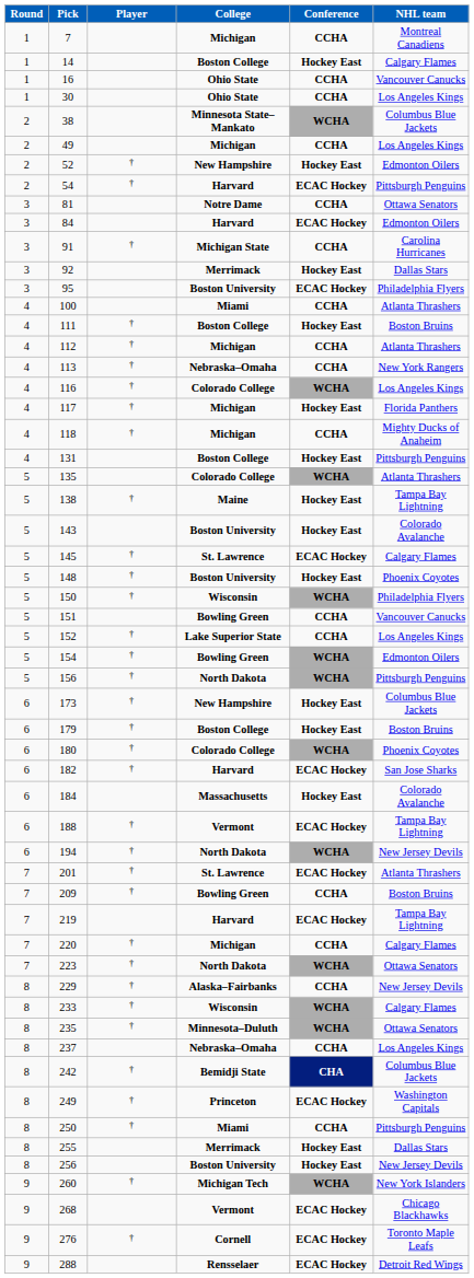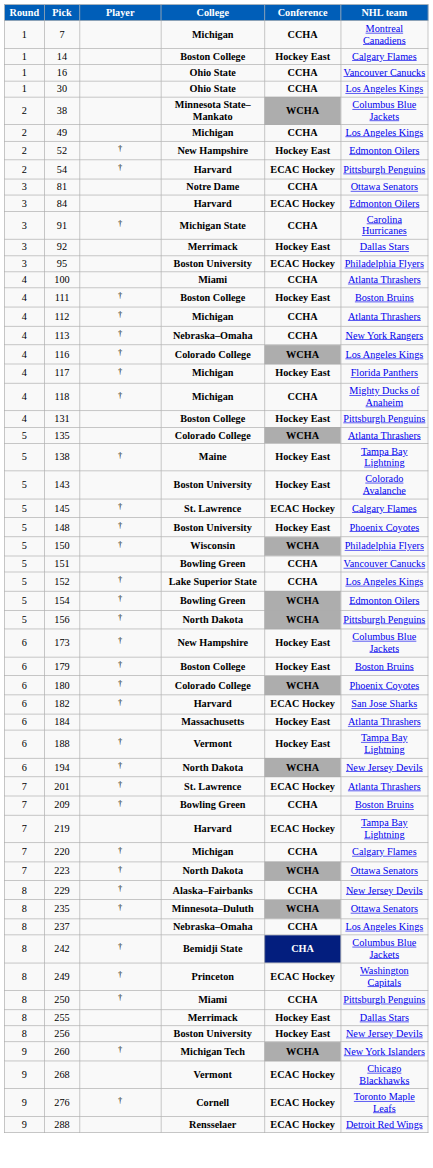 <table class="wikitable sortable" width="75%">
 <tr>
 <th style="color:white; background-color:#005EB8; width: 4em;">Round</th>
 <th style="color:white; background-color:#005EB8; width: 4em;">Pick</th>
 <th style="color:white; background-color:#005EB8; width: 12em;">Player</th>
 <th style="color:white; background-color:#005EB8; width: 13em;">College</th>
 <th style="color:white; background-color:#005EB8; width: 9em;">Conference</th>
 <th style="color:white; background-color:#005EB8; width: 11em;">NHL team</th>
 </tr>
 <tr align="center" bgcolor="">
 <td>1</td>
 <td>7</td>
 <td></td>
 <td><strong>Michigan</strong></td>
 <td><strong>CCHA</strong></td>
 <td><a href='#'>Montreal Canadiens</a></td>
 </tr>
 <tr align="center" bgcolor="">
 <td>1</td>
 <td>14</td>
 <td></td>
 <td><strong>Boston College</strong></td>
 <td><strong>Hockey East</strong></td>
 <td><a href='#'>Calgary Flames</a></td>
 </tr>
 <tr align="center" bgcolor="">
 <td>1</td>
 <td>16</td>
 <td></td>
 <td><strong>Ohio State</strong></td>
 <td><strong>CCHA</strong></td>
 <td><a href='#'>Vancouver Canucks</a></td>
 </tr>
 <tr align="center" bgcolor="">
 <td>1</td>
 <td>30</td>
 <td></td>
 <td><strong>Ohio State</strong></td>
 <td><strong>CCHA</strong></td>
 <td><a href='#'>Los Angeles Kings</a></td>
 </tr>
 <tr align="center" bgcolor="">
 <td>2</td>
 <td>38</td>
 <td></td>
 <td><strong>Minnesota State–Mankato</strong></td>
 <td style="color:black; background:#ADADAD; "><strong>WCHA</strong></td>
 <td><a href='#'>Columbus Blue Jackets</a></td>
 </tr>
 <tr align="center" bgcolor="">
 <td>2</td>
 <td>49</td>
 <td></td>
 <td><strong>Michigan</strong></td>
 <td><strong>CCHA</strong></td>
 <td><a href='#'>Los Angeles Kings</a></td>
 </tr>
 <tr align="center" bgcolor="">
 <td>2</td>
 <td>52</td>
 <td> <sup>†</sup></td>
 <td><strong>New Hampshire</strong></td>
 <td><strong>Hockey East</strong></td>
 <td><a href='#'>Edmonton Oilers</a></td>
 </tr>
 <tr align="center" bgcolor="">
 <td>2</td>
 <td>54</td>
 <td> <sup>†</sup></td>
 <td><strong>Harvard</strong></td>
 <td><strong>ECAC Hockey</strong></td>
 <td><a href='#'>Pittsburgh Penguins</a></td>
 </tr>
 <tr align="center" bgcolor="">
 <td>3</td>
 <td>81</td>
 <td></td>
 <td><strong>Notre Dame</strong></td>
 <td><strong>CCHA</strong></td>
 <td><a href='#'>Ottawa Senators</a></td>
 </tr>
 <tr align="center" bgcolor="">
 <td>3</td>
 <td>84</td>
 <td></td>
 <td><strong>Harvard</strong></td>
 <td><strong>ECAC Hockey</strong></td>
 <td><a href='#'>Edmonton Oilers</a></td>
 </tr>
 <tr align="center" bgcolor="">
 <td>3</td>
 <td>91</td>
 <td> <sup>†</sup></td>
 <td><strong>Michigan State</strong></td>
 <td><strong>CCHA</strong></td>
 <td><a href='#'>Carolina Hurricanes</a></td>
 </tr>
 <tr align="center" bgcolor="">
 <td>3</td>
 <td>92</td>
 <td></td>
 <td><strong>Merrimack</strong></td>
 <td><strong>Hockey East</strong></td>
 <td><a href='#'>Dallas Stars</a></td>
 </tr>
 <tr align="center" bgcolor="">
 <td>3</td>
 <td>95</td>
 <td></td>
 <td><strong>Boston University</strong></td>
 <td><strong>ECAC Hockey</strong></td>
 <td><a href='#'>Philadelphia Flyers</a></td>
 </tr>
 <tr align="center" bgcolor="">
 <td>4</td>
 <td>100</td>
 <td></td>
 <td><strong>Miami</strong></td>
 <td><strong>CCHA</strong></td>
 <td><a href='#'>Atlanta Thrashers</a></td>
 </tr>
 <tr align="center" bgcolor="">
 <td>4</td>
 <td>111</td>
 <td> <sup>†</sup></td>
 <td><strong>Boston College</strong></td>
 <td><strong>Hockey East</strong></td>
 <td><a href='#'>Boston Bruins</a></td>
 </tr>
 <tr align="center" bgcolor="">
 <td>4</td>
 <td>112</td>
 <td> <sup>†</sup></td>
 <td><strong>Michigan</strong></td>
 <td><strong>CCHA</strong></td>
 <td><a href='#'>Atlanta Thrashers</a></td>
 </tr>
 <tr align="center" bgcolor="">
 <td>4</td>
 <td>113</td>
 <td> <sup>†</sup></td>
 <td><strong>Nebraska–Omaha</strong></td>
 <td><strong>CCHA</strong></td>
 <td><a href='#'>New York Rangers</a></td>
 </tr>
 <tr align="center" bgcolor="">
 <td>4</td>
 <td>116</td>
 <td> <sup>†</sup></td>
 <td><strong>Colorado College</strong></td>
 <td style="color:black; background:#ADADAD; "><strong>WCHA</strong></td>
 <td><a href='#'>Los Angeles Kings</a></td>
 </tr>
 <tr align="center" bgcolor="">
 <td>4</td>
 <td>117</td>
 <td> <sup>†</sup></td>
 <td><strong>Michigan</strong></td>
 <td><strong>Hockey East</strong></td>
 <td><a href='#'>Florida Panthers</a></td>
 </tr>
 <tr align="center" bgcolor="">
 <td>4</td>
 <td>118</td>
 <td> <sup>†</sup></td>
 <td><strong>Michigan</strong></td>
 <td><strong>CCHA</strong></td>
 <td><a href='#'>Mighty Ducks of Anaheim</a></td>
 </tr>
 <tr align="center" bgcolor="">
 <td>4</td>
 <td>131</td>
 <td></td>
 <td><strong>Boston College</strong></td>
 <td><strong>Hockey East</strong></td>
 <td><a href='#'>Pittsburgh Penguins</a></td>
 </tr>
 <tr align="center" bgcolor="">
 <td>5</td>
 <td>135</td>
 <td></td>
 <td><strong>Colorado College</strong></td>
 <td style="color:black; background:#ADADAD; "><strong>WCHA</strong></td>
 <td><a href='#'>Atlanta Thrashers</a></td>
 </tr>
 <tr align="center" bgcolor="">
 <td>5</td>
 <td>138</td>
 <td> <sup>†</sup></td>
 <td><strong>Maine</strong></td>
 <td><strong>Hockey East</strong></td>
 <td><a href='#'>Tampa Bay Lightning</a></td>
 </tr>
 <tr align="center" bgcolor="">
 <td>5</td>
 <td>143</td>
 <td></td>
 <td><strong>Boston University</strong></td>
 <td><strong>Hockey East</strong></td>
 <td><a href='#'>Colorado Avalanche</a></td>
 </tr>
 <tr align="center" bgcolor="">
 <td>5</td>
 <td>145</td>
 <td> <sup>†</sup></td>
 <td><strong>St. Lawrence</strong></td>
 <td><strong>ECAC Hockey</strong></td>
 <td><a href='#'>Calgary Flames</a></td>
 </tr>
 <tr align="center" bgcolor="">
 <td>5</td>
 <td>148</td>
 <td> <sup>†</sup></td>
 <td><strong>Boston University</strong></td>
 <td><strong>Hockey East</strong></td>
 <td><a href='#'>Phoenix Coyotes</a></td>
 </tr>
 <tr align="center" bgcolor="">
 <td>5</td>
 <td>150</td>
 <td> <sup>†</sup></td>
 <td><strong>Wisconsin</strong></td>
 <td style="color:black; background:#ADADAD; "><strong>WCHA</strong></td>
 <td><a href='#'>Philadelphia Flyers</a></td>
 </tr>
 <tr align="center" bgcolor="">
 <td>5</td>
 <td>151</td>
 <td></td>
 <td><strong>Bowling Green</strong></td>
 <td><strong>CCHA</strong></td>
 <td><a href='#'>Vancouver Canucks</a></td>
 </tr>
 <tr align="center" bgcolor="">
 <td>5</td>
 <td>152</td>
 <td> <sup>†</sup></td>
 <td><strong>Lake Superior State</strong></td>
 <td><strong>CCHA</strong></td>
 <td><a href='#'>Los Angeles Kings</a></td>
 </tr>
 <tr align="center" bgcolor="">
 <td>5</td>
 <td>154</td>
 <td> <sup>†</sup></td>
 <td><strong>Bowling Green</strong></td>
 <td style="color:black; background:#ADADAD; "><strong>WCHA</strong></td>
 <td><a href='#'>Edmonton Oilers</a></td>
 </tr>
 <tr align="center" bgcolor="">
 <td>5</td>
 <td>156</td>
 <td> <sup>†</sup></td>
 <td><strong>North Dakota</strong></td>
 <td style="color:black; background:#ADADAD; "><strong>WCHA</strong></td>
 <td><a href='#'>Pittsburgh Penguins</a></td>
 </tr>
 <tr align="center" bgcolor="">
 <td>6</td>
 <td>173</td>
 <td> <sup>†</sup></td>
 <td><strong>New Hampshire</strong></td>
 <td><strong>Hockey East</strong></td>
 <td><a href='#'>Columbus Blue Jackets</a></td>
 </tr>
 <tr align="center" bgcolor="">
 <td>6</td>
 <td>179</td>
 <td> <sup>†</sup></td>
 <td><strong>Boston College</strong></td>
 <td><strong>Hockey East</strong></td>
 <td><a href='#'>Boston Bruins</a></td>
 </tr>
 <tr align="center" bgcolor="">
 <td>6</td>
 <td>180</td>
 <td> <sup>†</sup></td>
 <td><strong>Colorado College</strong></td>
 <td style="color:black; background:#ADADAD; "><strong>WCHA</strong></td>
 <td><a href='#'>Phoenix Coyotes</a></td>
 </tr>
 <tr align="center" bgcolor="">
 <td>6</td>
 <td>182</td>
 <td> <sup>†</sup></td>
 <td><strong>Harvard</strong></td>
 <td><strong>ECAC Hockey</strong></td>
 <td><a href='#'>San Jose Sharks</a></td>
 </tr>
 <tr align="center" bgcolor="">
 <td>6</td>
 <td>184</td>
 <td></td>
 <td><strong>Massachusetts</strong></td>
 <td><strong>Hockey East</strong></td>
-<td><a href='#'>Colorado Avalanche</a></td>
+<td><a href='#'>Atlanta Thrashers</a></td>
 </tr>
 <tr align="center" bgcolor="">
 <td>6</td>
 <td>188</td>
 <td> <sup>†</sup></td>
 <td><strong>Vermont</strong></td>
-<td><strong>ECAC Hockey</strong></td>
+<td><strong>Hockey East</strong></td>
 <td><a href='#'>Tampa Bay Lightning</a></td>
 </tr>
 <tr align="center" bgcolor="">
 <td>6</td>
 <td>194</td>
 <td> <sup>†</sup></td>
 <td><strong>North Dakota</strong></td>
 <td style="color:black; background:#ADADAD; "><strong>WCHA</strong></td>
 <td><a href='#'>New Jersey Devils</a></td>
 </tr>
 <tr align="center" bgcolor="">
 <td>7</td>
 <td>201</td>
 <td> <sup>†</sup></td>
 <td><strong>St. Lawrence</strong></td>
 <td><strong>ECAC Hockey</strong></td>
 <td><a href='#'>Atlanta Thrashers</a></td>
 </tr>
 <tr align="center" bgcolor="">
 <td>7</td>
 <td>209</td>
 <td> <sup>†</sup></td>
 <td><strong>Bowling Green</strong></td>
 <td><strong>CCHA</strong></td>
 <td><a href='#'>Boston Bruins</a></td>
 </tr>
 <tr align="center" bgcolor="">
 <td>7</td>
 <td>219</td>
 <td></td>
 <td><strong>Harvard</strong></td>
 <td><strong>ECAC Hockey</strong></td>
 <td><a href='#'>Tampa Bay Lightning</a></td>
 </tr>
 <tr align="center" bgcolor="">
 <td>7</td>
 <td>220</td>
 <td> <sup>†</sup></td>
 <td><strong>Michigan</strong></td>
 <td><strong>CCHA</strong></td>
 <td><a href='#'>Calgary Flames</a></td>
 </tr>
 <tr align="center" bgcolor="">
 <td>7</td>
 <td>223</td>
 <td> <sup>†</sup></td>
 <td><strong>North Dakota</strong></td>
 <td style="color:black; background:#ADADAD; "><strong>WCHA</strong></td>
 <td><a href='#'>Ottawa Senators</a></td>
 </tr>
 <tr align="center" bgcolor="">
 <td>8</td>
 <td>229</td>
 <td> <sup>†</sup></td>
 <td><strong>Alaska–Fairbanks</strong></td>
 <td><strong>CCHA</strong></td>
 <td><a href='#'>New Jersey Devils</a></td>
-</tr>
-<tr align="center" bgcolor="">
-<td>8</td>
-<td>233</td>
-<td> <sup>†</sup></td>
-<td><strong>Wisconsin</strong></td>
-<td style="color:black; background:#ADADAD; "><strong>WCHA</strong></td>
-<td><a href='#'>Calgary Flames</a></td>
 </tr>
 <tr align="center" bgcolor="">
 <td>8</td>
 <td>235</td>
 <td> <sup>†</sup></td>
 <td><strong>Minnesota–Duluth</strong></td>
 <td style="color:black; background:#ADADAD; "><strong>WCHA</strong></td>
 <td><a href='#'>Ottawa Senators</a></td>
 </tr>
 <tr align="center" bgcolor="">
 <td>8</td>
 <td>237</td>
 <td></td>
 <td><strong>Nebraska–Omaha</strong></td>
 <td><strong>CCHA</strong></td>
 <td><a href='#'>Los Angeles Kings</a></td>
 </tr>
 <tr align="center" bgcolor="">
 <td>8</td>
 <td>242</td>
 <td> <sup>†</sup></td>
 <td><strong>Bemidji State</strong></td>
 <td style="color:white; background:#031e7e; "><strong>CHA</strong></td>
 <td><a href='#'>Columbus Blue Jackets</a></td>
 </tr>
 <tr align="center" bgcolor="">
 <td>8</td>
 <td>249</td>
 <td> <sup>†</sup></td>
 <td><strong>Princeton</strong></td>
 <td><strong>ECAC Hockey</strong></td>
 <td><a href='#'>Washington Capitals</a></td>
 </tr>
 <tr align="center" bgcolor="">
 <td>8</td>
 <td>250</td>
 <td> <sup>†</sup></td>
 <td><strong>Miami</strong></td>
 <td><strong>CCHA</strong></td>
 <td><a href='#'>Pittsburgh Penguins</a></td>
 </tr>
 <tr align="center" bgcolor="">
 <td>8</td>
 <td>255</td>
 <td></td>
 <td><strong>Merrimack</strong></td>
 <td><strong>Hockey East</strong></td>
 <td><a href='#'>Dallas Stars</a></td>
 </tr>
 <tr align="center" bgcolor="">
 <td>8</td>
 <td>256</td>
 <td></td>
 <td><strong>Boston University</strong></td>
 <td><strong>Hockey East</strong></td>
 <td><a href='#'>New Jersey Devils</a></td>
 </tr>
 <tr align="center" bgcolor="">
 <td>9</td>
 <td>260</td>
 <td> <sup>†</sup></td>
 <td><strong>Michigan Tech</strong></td>
 <td style="color:black; background:#ADADAD; "><strong>WCHA</strong></td>
 <td><a href='#'>New York Islanders</a></td>
 </tr>
 <tr align="center" bgcolor="">
 <td>9</td>
 <td>268</td>
 <td></td>
 <td><strong>Vermont</strong></td>
 <td><strong>ECAC Hockey</strong></td>
 <td><a href='#'>Chicago Blackhawks</a></td>
 </tr>
 <tr align="center" bgcolor="">
 <td>9</td>
 <td>276</td>
 <td> <sup>†</sup></td>
 <td><strong>Cornell</strong></td>
 <td><strong>ECAC Hockey</strong></td>
 <td><a href='#'>Toronto Maple Leafs</a></td>
 </tr>
 <tr align="center" bgcolor="">
 <td>9</td>
 <td>288</td>
 <td></td>
 <td><strong>Rensselaer</strong></td>
 <td><strong>ECAC Hockey</strong></td>
 <td><a href='#'>Detroit Red Wings</a></td>
 </tr>
 </table>
